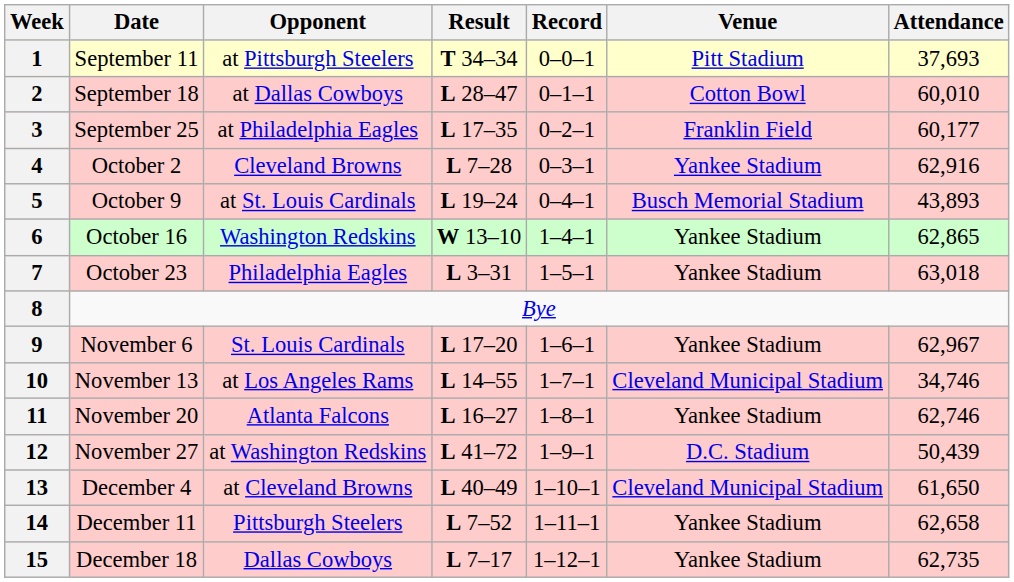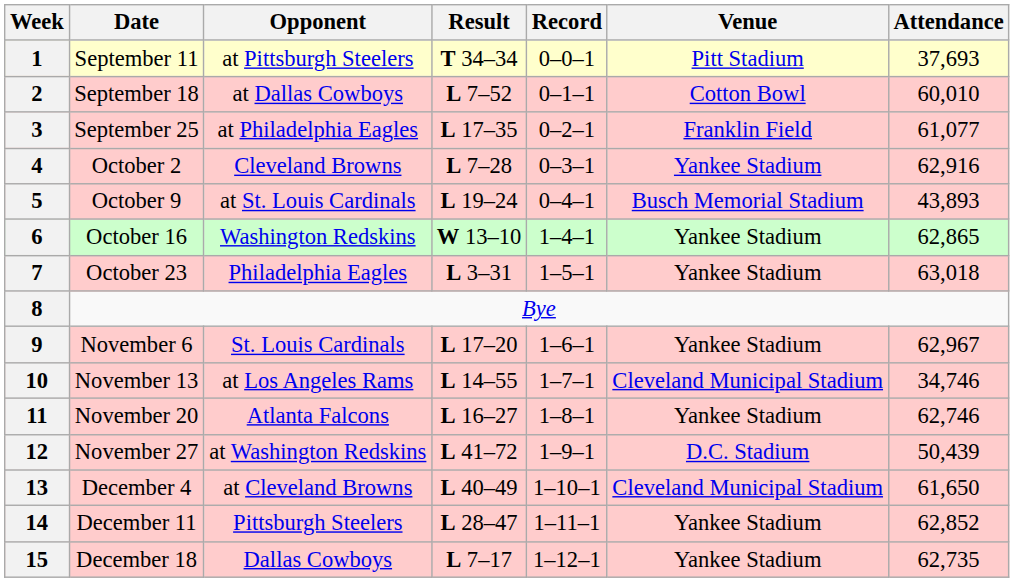 <table class="wikitable" style="text-align:center">
 <tr>
 <th>Week</th>
 <th>Date</th>
 <th>Opponent</th>
 <th>Result</th>
 <th>Record</th>
 <th>Venue</th>
 <th>Attendance</th>
 </tr>
 <tr style="background:#ffc">
 <th>1</th>
 <td>September 11</td>
 <td>at <a href='#'>Pittsburgh Steelers</a></td>
 <td><strong>T</strong> 34–34</td>
 <td>0–0–1</td>
 <td><a href='#'>Pitt Stadium</a></td>
 <td>37,693</td>
 </tr>
 <tr style="background:#fcc">
 <th>2</th>
 <td>September 18</td>
 <td>at <a href='#'>Dallas Cowboys</a></td>
-<td><strong>L</strong> 28–47</td>
+<td><strong>L</strong> 7–52</td>
 <td>0–1–1</td>
 <td><a href='#'>Cotton Bowl</a></td>
 <td>60,010</td>
 </tr>
 <tr style="background:#fcc">
 <th>3</th>
 <td>September 25</td>
 <td>at <a href='#'>Philadelphia Eagles</a></td>
 <td><strong>L</strong> 17–35</td>
 <td>0–2–1</td>
 <td><a href='#'>Franklin Field</a></td>
-<td>60,177</td>
+<td>61,077</td>
 </tr>
 <tr style="background:#fcc">
 <th>4</th>
 <td>October 2</td>
 <td><a href='#'>Cleveland Browns</a></td>
 <td><strong>L</strong> 7–28</td>
 <td>0–3–1</td>
 <td><a href='#'>Yankee Stadium</a></td>
 <td>62,916</td>
 </tr>
 <tr style="background:#fcc">
 <th>5</th>
 <td>October 9</td>
 <td>at <a href='#'>St. Louis Cardinals</a></td>
 <td><strong>L</strong> 19–24</td>
 <td>0–4–1</td>
 <td><a href='#'>Busch Memorial Stadium</a></td>
 <td>43,893</td>
 </tr>
 <tr style="background:#cfc">
 <th>6</th>
 <td>October 16</td>
 <td><a href='#'>Washington Redskins</a></td>
 <td><strong>W</strong> 13–10</td>
 <td>1–4–1</td>
 <td>Yankee Stadium</td>
 <td>62,865</td>
 </tr>
 <tr style="background:#fcc">
 <th>7</th>
 <td>October 23</td>
 <td><a href='#'>Philadelphia Eagles</a></td>
 <td><strong>L</strong> 3–31</td>
 <td>1–5–1</td>
 <td>Yankee Stadium</td>
 <td>63,018</td>
 </tr>
 <tr>
 <th>8</th>
 <td colspan=6><em><a href='#'>Bye</a></em></td>
 </tr>
 <tr style="background:#fcc">
 <th>9</th>
 <td>November 6</td>
 <td><a href='#'>St. Louis Cardinals</a></td>
 <td><strong>L</strong> 17–20</td>
 <td>1–6–1</td>
 <td>Yankee Stadium</td>
 <td>62,967</td>
 </tr>
 <tr style="background:#fcc">
 <th>10</th>
 <td>November 13</td>
 <td>at <a href='#'>Los Angeles Rams</a></td>
 <td><strong>L</strong> 14–55</td>
 <td>1–7–1</td>
 <td><a href='#'>Cleveland Municipal Stadium</a></td>
 <td>34,746</td>
 </tr>
 <tr style="background:#fcc">
 <th>11</th>
 <td>November 20</td>
 <td><a href='#'>Atlanta Falcons</a></td>
 <td><strong>L</strong> 16–27</td>
 <td>1–8–1</td>
 <td>Yankee Stadium</td>
 <td>62,746</td>
 </tr>
 <tr style="background:#fcc">
 <th>12</th>
 <td>November 27</td>
 <td>at <a href='#'>Washington Redskins</a></td>
 <td><strong>L</strong> 41–72</td>
 <td>1–9–1</td>
 <td><a href='#'>D.C. Stadium</a></td>
 <td>50,439</td>
 </tr>
 <tr style="background:#fcc">
 <th>13</th>
 <td>December 4</td>
 <td>at <a href='#'>Cleveland Browns</a></td>
 <td><strong>L</strong> 40–49</td>
 <td>1–10–1</td>
 <td><a href='#'>Cleveland Municipal Stadium</a></td>
 <td>61,650</td>
 </tr>
 <tr style="background:#fcc">
 <th>14</th>
 <td>December 11</td>
 <td><a href='#'>Pittsburgh Steelers</a></td>
-<td><strong>L</strong> 7–52</td>
+<td><strong>L</strong> 28–47</td>
 <td>1–11–1</td>
 <td>Yankee Stadium</td>
-<td>62,658</td>
+<td>62,852</td>
 </tr>
 <tr style="background:#fcc">
 <th>15</th>
 <td>December 18</td>
 <td><a href='#'>Dallas Cowboys</a></td>
 <td><strong>L</strong> 7–17</td>
 <td>1–12–1</td>
 <td>Yankee Stadium</td>
 <td>62,735</td>
 </tr>
 </table>
